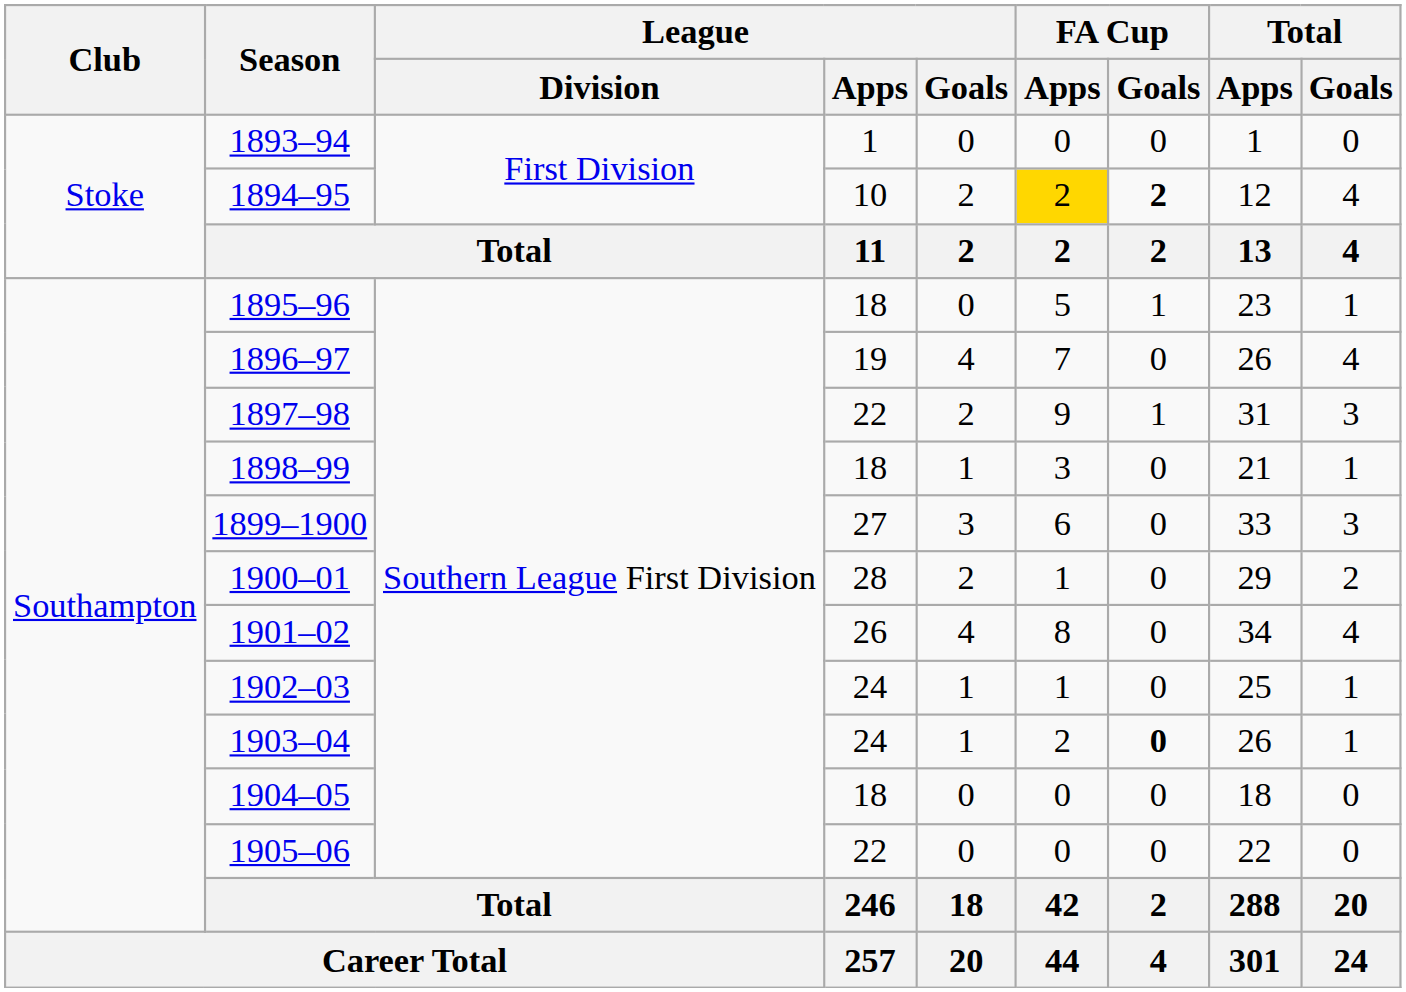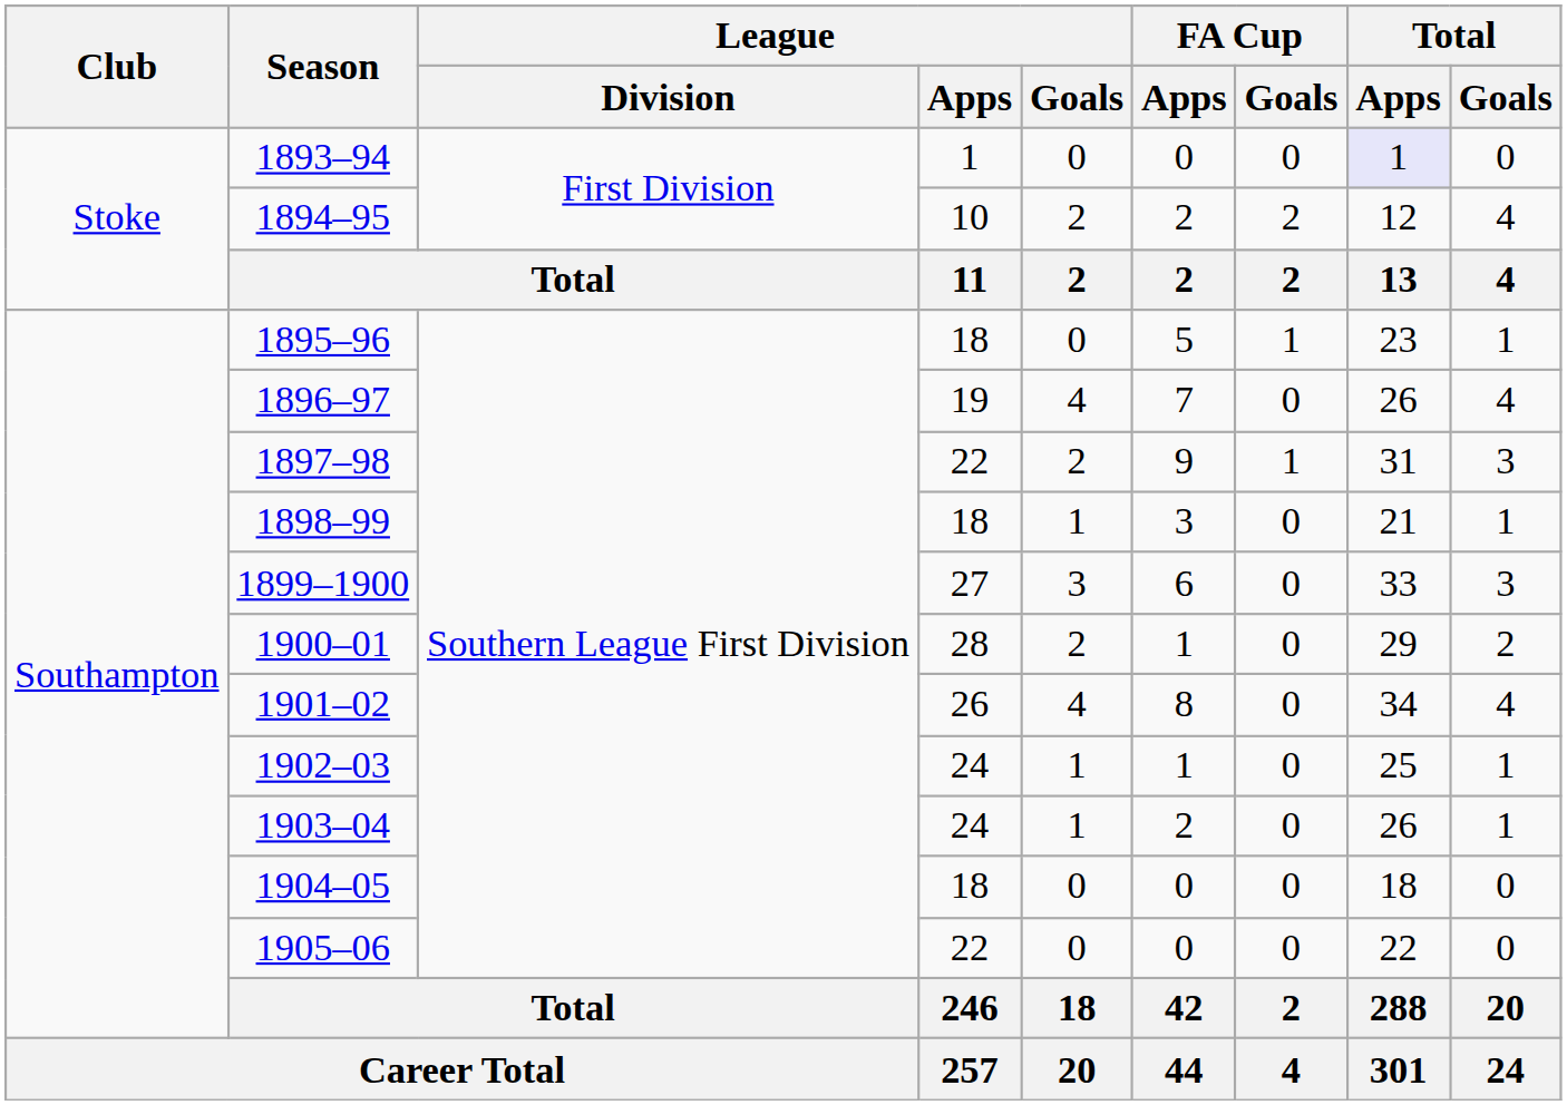 <table class="wikitable" style="text-align: center;">
 <tr>
 <th rowspan="2">Club</th>
 <th rowspan="2">Season</th>
 <th colspan="3">League</th>
 <th colspan="2">FA Cup</th>
 <th colspan="2">Total</th>
 </tr>
 <tr>
 <th>Division</th>
 <th>Apps</th>
 <th>Goals</th>
 <th>Apps</th>
 <th>Goals</th>
 <th>Apps</th>
 <th>Goals</th>
 </tr>
 <tr>
 <td rowspan="3"><a href='#'>Stoke</a></td>
 <td><a href='#'>1893–94</a></td>
 <td rowspan="2"><a href='#'>First Division</a></td>
 <td>1</td>
 <td>0</td>
 <td>0</td>
 <td>0</td>
-<td>1</td>
+<td style="background: lavender;">1</td>
 <td>0</td>
 </tr>
 <tr>
 <td><a href='#'>1894–95</a></td>
 <td>10</td>
 <td>2</td>
-<td style="background: gold;">2</td>
-<td><strong>2</strong></td>
+<td>2</td>
+<td>2</td>
 <td>12</td>
 <td>4</td>
 </tr>
 <tr>
 <th colspan=2>Total</th>
 <th>11</th>
 <th>2</th>
 <th>2</th>
 <th>2</th>
 <th>13</th>
 <th>4</th>
 </tr>
 <tr>
 <td rowspan="12"><a href='#'>Southampton</a></td>
 <td><a href='#'>1895–96</a></td>
 <td rowspan="11"><a href='#'>Southern League</a> First Division</td>
 <td>18</td>
 <td>0</td>
 <td>5</td>
 <td>1</td>
 <td>23</td>
 <td>1</td>
 </tr>
 <tr>
 <td><a href='#'>1896–97</a></td>
 <td>19</td>
 <td>4</td>
 <td>7</td>
 <td>0</td>
 <td>26</td>
 <td>4</td>
 </tr>
 <tr>
 <td><a href='#'>1897–98</a></td>
 <td>22</td>
 <td>2</td>
 <td>9</td>
 <td>1</td>
 <td>31</td>
 <td>3</td>
 </tr>
 <tr>
 <td><a href='#'>1898–99</a></td>
 <td>18</td>
 <td>1</td>
 <td>3</td>
 <td>0</td>
 <td>21</td>
 <td>1</td>
 </tr>
 <tr>
 <td><a href='#'>1899–1900</a></td>
 <td>27</td>
 <td>3</td>
 <td>6</td>
 <td>0</td>
 <td>33</td>
 <td>3</td>
 </tr>
 <tr>
 <td><a href='#'>1900–01</a></td>
 <td>28</td>
 <td>2</td>
 <td>1</td>
 <td>0</td>
 <td>29</td>
 <td>2</td>
 </tr>
 <tr>
 <td><a href='#'>1901–02</a></td>
 <td>26</td>
 <td>4</td>
 <td>8</td>
 <td>0</td>
 <td>34</td>
 <td>4</td>
 </tr>
 <tr>
 <td><a href='#'>1902–03</a></td>
 <td>24</td>
 <td>1</td>
 <td>1</td>
 <td>0</td>
 <td>25</td>
 <td>1</td>
 </tr>
 <tr>
 <td><a href='#'>1903–04</a></td>
 <td>24</td>
 <td>1</td>
 <td>2</td>
-<td><strong>0</strong></td>
+<td>0</td>
 <td>26</td>
 <td>1</td>
 </tr>
 <tr>
 <td><a href='#'>1904–05</a></td>
 <td>18</td>
 <td>0</td>
 <td>0</td>
 <td>0</td>
 <td>18</td>
 <td>0</td>
 </tr>
 <tr>
 <td><a href='#'>1905–06</a></td>
 <td>22</td>
 <td>0</td>
 <td>0</td>
 <td>0</td>
 <td>22</td>
 <td>0</td>
 </tr>
 <tr>
 <th colspan=2>Total</th>
 <th>246</th>
 <th>18</th>
 <th>42</th>
 <th>2</th>
 <th>288</th>
 <th>20</th>
 </tr>
 <tr>
 <th colspan="3">Career Total</th>
 <th>257</th>
 <th>20</th>
 <th>44</th>
 <th>4</th>
 <th>301</th>
 <th>24</th>
 </tr>
 </table>
